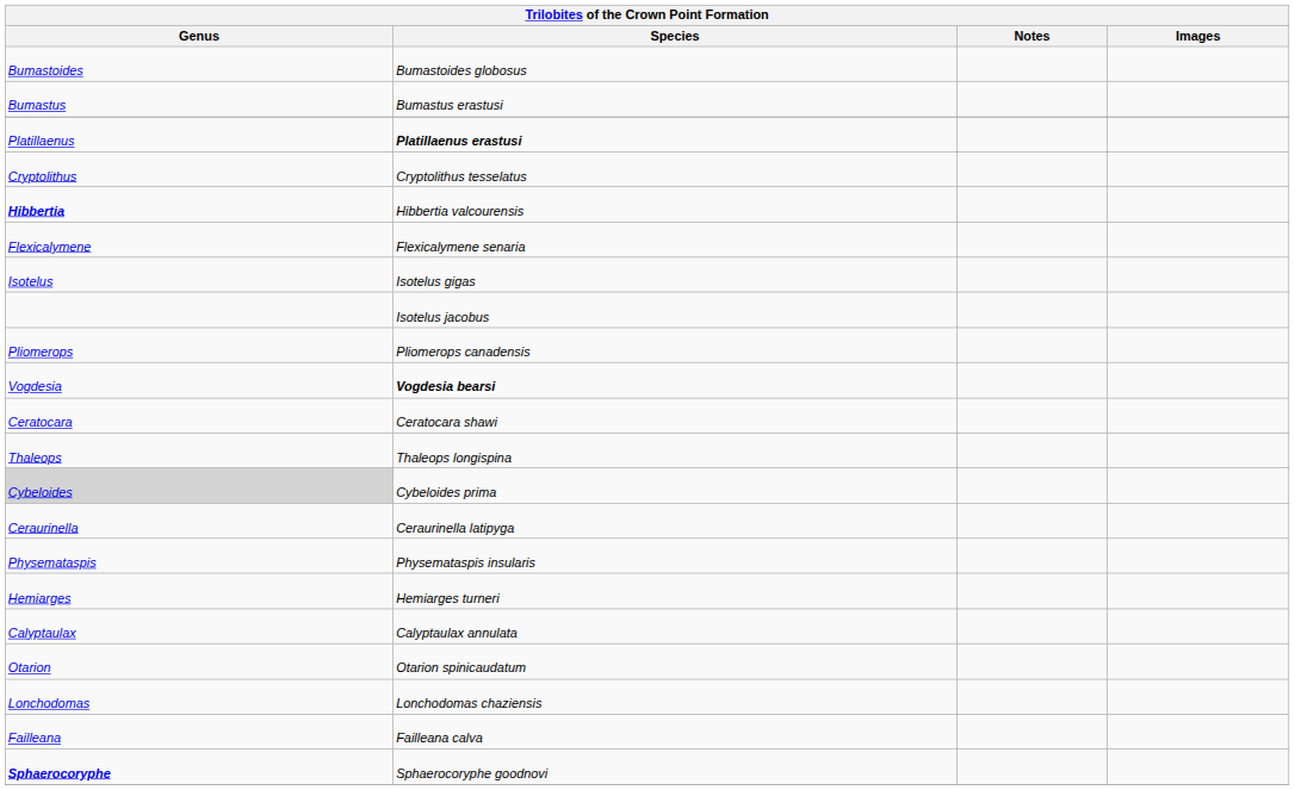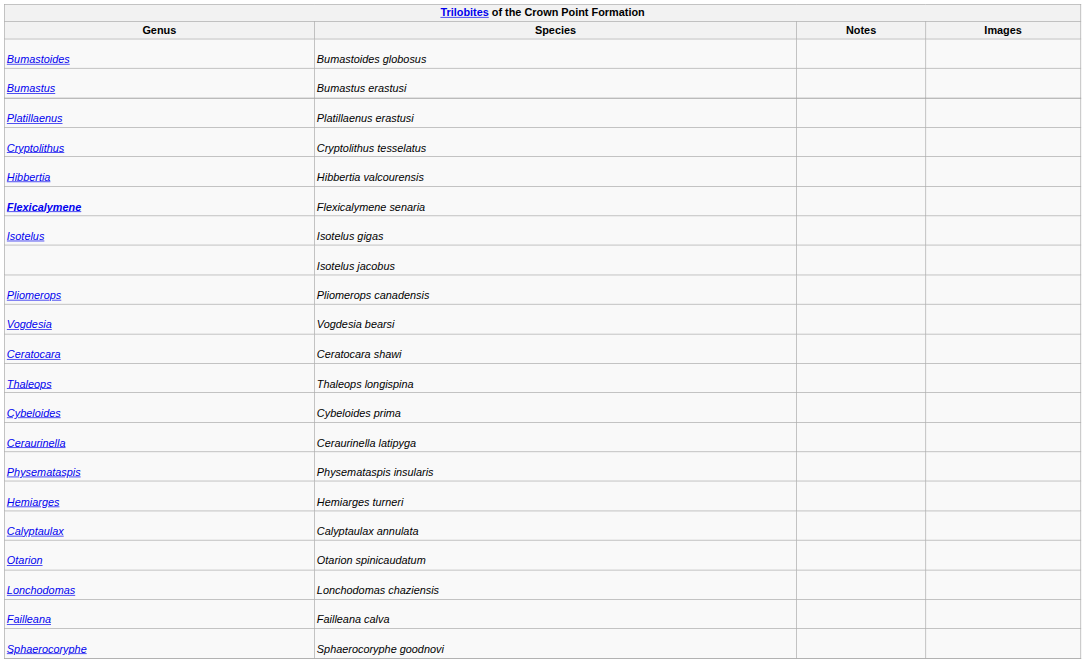 <table class="wikitable" align="center" width="100%">
 <tr>
 <th colspan="7" align="center"><strong><a href='#'>Trilobites</a> of the Crown Point Formation</strong></th>
 </tr>
 <tr>
 <th>Genus</th>
 <th>Species</th>
 <th>Notes</th>
 <th>Images</th>
 </tr>
 <tr>
 <td><br><em><a href='#'>Bumastoides</a></em></td>
 <td><br><em>Bumastoides globosus</em></td>
 <td></td>
 <td></td>
 </tr>
 <tr>
 <td><br><em><a href='#'>Bumastus</a></em></td>
 <td><br><em>Bumastus erastusi</em></td>
 <td></td>
 <td></td>
 </tr>
 <tr>
 </tr>
 <tr>
 <td><br><em><a href='#'>Platillaenus</a></em></td>
-<td><strong><br><em>Platillaenus erastusi</em></strong></td>
+<td><br><em>Platillaenus erastusi</em></td>
 <td></td>
 <td></td>
 </tr>
 <tr>
 <td><br><em><a href='#'>Cryptolithus</a></em></td>
 <td><br><em>Cryptolithus tesselatus</em></td>
 <td></td>
 <td></td>
 </tr>
 <tr>
-<td><strong><br><em><a href='#'>Hibbertia</a></em></strong></td>
+<td><br><em><a href='#'>Hibbertia</a></em></td>
 <td><br><em>Hibbertia valcourensis</em></td>
 <td></td>
 <td></td>
 </tr>
 <tr>
-<td><br><em><a href='#'>Flexicalymene</a></em></td>
+<td><strong><br><em><a href='#'>Flexicalymene</a></em></strong></td>
 <td><br><em>Flexicalymene senaria</em></td>
 <td></td>
 <td></td>
 </tr>
 <tr>
 <td><br><em><a href='#'>Isotelus</a></em></td>
 <td><br><em>Isotelus gigas</em></td>
 <td></td>
 <td></td>
 </tr>
 <tr>
 <td></td>
 <td><br><em>Isotelus jacobus</em></td>
 <td></td>
 <td></td>
 </tr>
 <tr>
 <td><br><em><a href='#'>Pliomerops</a></em></td>
 <td><br><em>Pliomerops canadensis</em></td>
 <td></td>
 <td></td>
 </tr>
 <tr>
 <td><br><em><a href='#'>Vogdesia</a></em></td>
-<td><strong><br><em>Vogdesia bearsi</em></strong></td>
+<td><br><em>Vogdesia bearsi</em></td>
 <td></td>
 <td></td>
 </tr>
 <tr>
 <td><br><em><a href='#'>Ceratocara</a></em></td>
 <td><br><em>Ceratocara shawi</em></td>
 <td></td>
 <td></td>
 </tr>
 <tr>
 <td><br><em><a href='#'>Thaleops</a></em></td>
 <td><br><em>Thaleops longispina</em></td>
 <td></td>
 <td></td>
 </tr>
 <tr>
-<td style="background: lightgrey;"><br><em><a href='#'>Cybeloides</a></em></td>
+<td><br><em><a href='#'>Cybeloides</a></em></td>
 <td><br><em>Cybeloides prima</em></td>
 <td></td>
 <td></td>
 </tr>
 <tr>
 <td><br><em><a href='#'>Ceraurinella</a></em></td>
 <td><br><em>Ceraurinella latipyga</em></td>
 <td></td>
 <td></td>
 </tr>
 <tr>
 <td><br><em><a href='#'>Physemataspis</a></em></td>
 <td><br><em>Physemataspis insularis</em></td>
 <td></td>
 <td></td>
 </tr>
 <tr>
 <td><br><em><a href='#'>Hemiarges</a></em></td>
 <td><br><em>Hemiarges turneri</em></td>
 <td></td>
 <td></td>
 </tr>
 <tr>
 <td><br><em><a href='#'>Calyptaulax</a></em></td>
 <td><br><em>Calyptaulax annulata</em></td>
 <td></td>
 <td></td>
 </tr>
 <tr>
 <td><br><em><a href='#'>Otarion</a></em></td>
 <td><br><em>Otarion spinicaudatum</em></td>
 <td></td>
 <td></td>
 </tr>
 <tr>
 <td><br><em><a href='#'>Lonchodomas</a></em></td>
 <td><br><em>Lonchodomas chaziensis</em></td>
 <td></td>
 <td></td>
 </tr>
 <tr>
 <td><br><em><a href='#'>Failleana</a></em></td>
 <td><br><em>Failleana calva</em></td>
 <td></td>
 <td></td>
 </tr>
 <tr>
-<td><strong><br><em><a href='#'>Sphaerocoryphe</a></em></strong></td>
+<td><br><em><a href='#'>Sphaerocoryphe</a></em></td>
 <td><br><em>Sphaerocoryphe goodnovi</em></td>
 <td></td>
 <td></td>
 </tr>
 <tr>
 </tr>
 </table>
